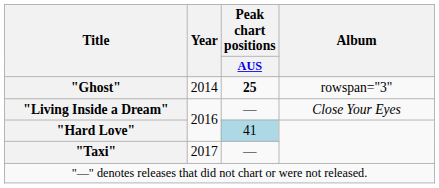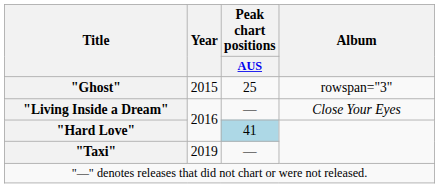 <table class="wikitable plainrowheaders" style="text-align:center;">
 <tr>
 <th scope="col" rowspan="2" style="width:13em;">Title</th>
 <th scope="col" rowspan="2" style="width:1em;">Year</th>
 <th scope="col" colspan="1">Peak chart positions</th>
 <th scope="col" rowspan="2" style="width:11em;">Album</th>
 </tr>
 <tr>
 <th scope="col" style="width:3em;font-size:90%;"><a href='#'>AUS</a><br></th>
 </tr>
 <tr>
 <th scope="row">"Ghost"</th>
-<td>2014</td>
-<td><strong>25</strong></td>
+<td>2015</td>
+<td>25</td>
 <td>rowspan="3" </td>
 </tr>
 <tr>
 <th scope="row">"Living Inside a Dream"</th>
 <td rowspan="2">2016</td>
 <td>—</td>
 <td><em>Close Your Eyes</em></td>
 </tr>
 <tr>
 <th scope="row">"Hard Love"</th>
 <td style="background: lightblue;">41</td>
 </tr>
 <tr>
 <th scope="row">"Taxi"</th>
-<td>2017</td>
+<td>2019</td>
 <td>—</td>
 </tr>
 <tr>
 <td colspan="6" style="font-size:90%">"—" denotes releases that did not chart or were not released.</td>
 </tr>
 </table>
